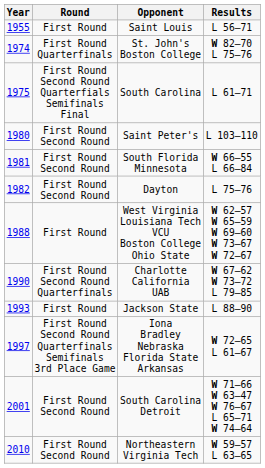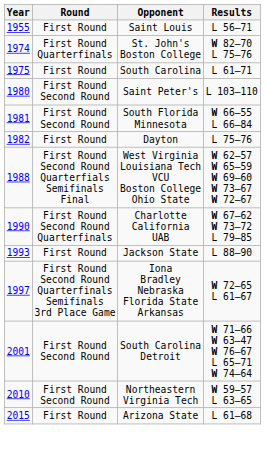 <table class="wikitable">
 <tr>
 <th>Year</th>
 <th>Round</th>
 <th>Opponent</th>
 <th>Results</th>
 </tr>
 <tr align="center">
 <td><a href='#'>1955</a></td>
 <td>First Round</td>
 <td>Saint Louis</td>
 <td>L 56–71</td>
 </tr>
 <tr align="center">
 <td><a href='#'>1974</a></td>
 <td>First Round<br>Quarterfinals</td>
 <td>St. John's<br>Boston College</td>
 <td><strong>W</strong> 82–70<br>L 75–76</td>
 </tr>
 <tr align="center">
 <td><a href='#'>1975</a></td>
-<td>First Round<br>Second Round<br>Quarterfials<br>Semifinals<br>Final</td>
+<td>First Round</td>
 <td>South Carolina</td>
 <td>L 61–71</td>
 </tr>
 <tr align="center">
 <td><a href='#'>1980</a></td>
 <td>First Round<br>Second Round</td>
 <td>Saint Peter's</td>
 <td>L 103–110</td>
 </tr>
 <tr align="center">
 <td><a href='#'>1981</a></td>
 <td>First Round<br>Second Round</td>
 <td>South Florida<br>Minnesota</td>
 <td><strong>W</strong> 66–55<br>L 66–84</td>
 </tr>
 <tr align="center">
 <td><a href='#'>1982</a></td>
-<td>First Round<br>Second Round</td>
+<td>First Round</td>
 <td>Dayton</td>
 <td>L 75–76</td>
 </tr>
 <tr align="center">
 <td><a href='#'>1988</a></td>
-<td>First Round</td>
+<td>First Round<br>Second Round<br>Quarterfials<br>Semifinals<br>Final</td>
 <td>West Virginia<br>Louisiana Tech<br>VCU<br>Boston College<br>Ohio State</td>
 <td><strong>W</strong> 62–57<br><strong>W</strong> 65–59<br><strong>W</strong> 69–60<br><strong>W</strong> 73–67<br><strong>W</strong> 72–67</td>
 </tr>
 <tr align="center">
 <td><a href='#'>1990</a></td>
 <td>First Round<br>Second Round<br>Quarterfinals</td>
 <td>Charlotte<br>California<br>UAB</td>
 <td><strong>W</strong> 67–62<br><strong>W</strong> 73–72<br>L 79–85</td>
 </tr>
 <tr align="center">
 <td><a href='#'>1993</a></td>
 <td>First Round</td>
 <td>Jackson State</td>
 <td>L 88–90</td>
 </tr>
 <tr align="center">
 <td><a href='#'>1997</a></td>
 <td>First Round<br>Second Round<br>Quarterfinals<br>Semifinals<br>3rd Place Game</td>
 <td>Iona<br>Bradley<br>Nebraska<br>Florida State<br>Arkansas</td>
 <td><strong>W</strong> 72–65<br>L 61–67</td>
 </tr>
 <tr align="center">
 <td><a href='#'>2001</a></td>
 <td>First Round<br>Second Round</td>
 <td>South Carolina<br>Detroit</td>
 <td><strong>W</strong> 71–66<br><strong>W</strong> 63–47<br><strong>W</strong> 76–67<br>L 65–71<br><strong>W</strong> 74–64</td>
 </tr>
 <tr align="center">
 <td><a href='#'>2010</a></td>
 <td>First Round<br>Second Round</td>
 <td>Northeastern<br>Virginia Tech</td>
 <td><strong>W</strong> 59–57<br>L 63–65</td>
 </tr>
+<tr align="center">
+<td><a href='#'>2015</a></td>
+<td>First Round</td>
+<td>Arizona State</td>
+<td>L 61–68</td>
+</tr>
 </table>
